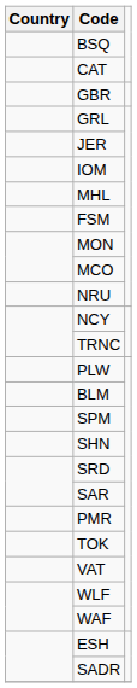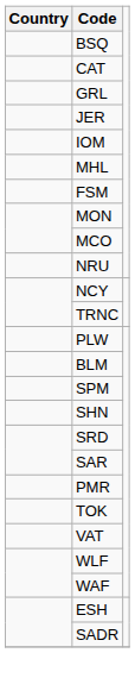 <table class="wikitable" style="font-size:90%; display:inline-table;">
 <tr>
 <th>Country</th>
 <th>Code</th>
 </tr>
 <tr>
 <td></td>
 <td>BSQ</td>
 </tr>
 <tr>
 <td></td>
 <td>CAT</td>
-</tr>
-<tr>
-<td></td>
-<td>GBR</td>
-<td></td>
 </tr>
 <tr>
 <td></td>
 <td>GRL</td>
 </tr>
 <tr>
 <td></td>
 <td>JER</td>
 </tr>
 <tr>
 <td></td>
 <td>IOM</td>
 </tr>
 <tr>
 <td></td>
 <td>MHL</td>
 </tr>
 <tr>
 <td></td>
 <td>FSM</td>
 </tr>
 <tr>
 <td rowspan=2></td>
 <td>MON</td>
 </tr>
 <tr>
 <td>MCO</td>
 </tr>
 <tr>
 <td></td>
 <td>NRU</td>
 </tr>
 <tr>
 <td rowspan=2></td>
 <td>NCY</td>
 <td rowspan=2></td>
 </tr>
 <tr>
 <td>TRNC</td>
 </tr>
 <tr>
 <td></td>
 <td>PLW</td>
 </tr>
 <tr>
 <td></td>
 <td>BLM</td>
 </tr>
 <tr>
 <td></td>
 <td>SPM</td>
 </tr>
 <tr>
 <td></td>
 <td>SHN</td>
 </tr>
 <tr>
 <td rowspan=2></td>
 <td>SRD</td>
 </tr>
 <tr>
 <td>SAR</td>
 </tr>
 <tr>
 <td></td>
 <td>PMR</td>
 </tr>
 <tr>
 <td></td>
 <td>TOK</td>
 </tr>
 <tr>
 <td></td>
 <td>VAT</td>
 </tr>
 <tr>
 <td rowspan=2></td>
 <td>WLF</td>
 </tr>
 <tr>
 <td>WAF</td>
 </tr>
 <tr>
 <td rowspan=2></td>
 <td>ESH</td>
 <td rowspan=2></td>
 </tr>
 <tr>
 <td>SADR</td>
 </tr>
 <tr>
 </tr>
 </table>
